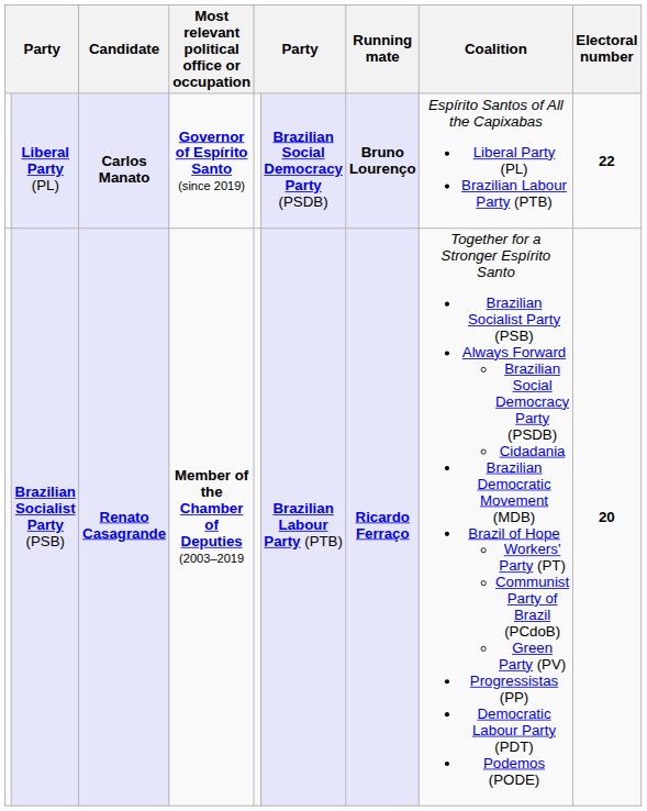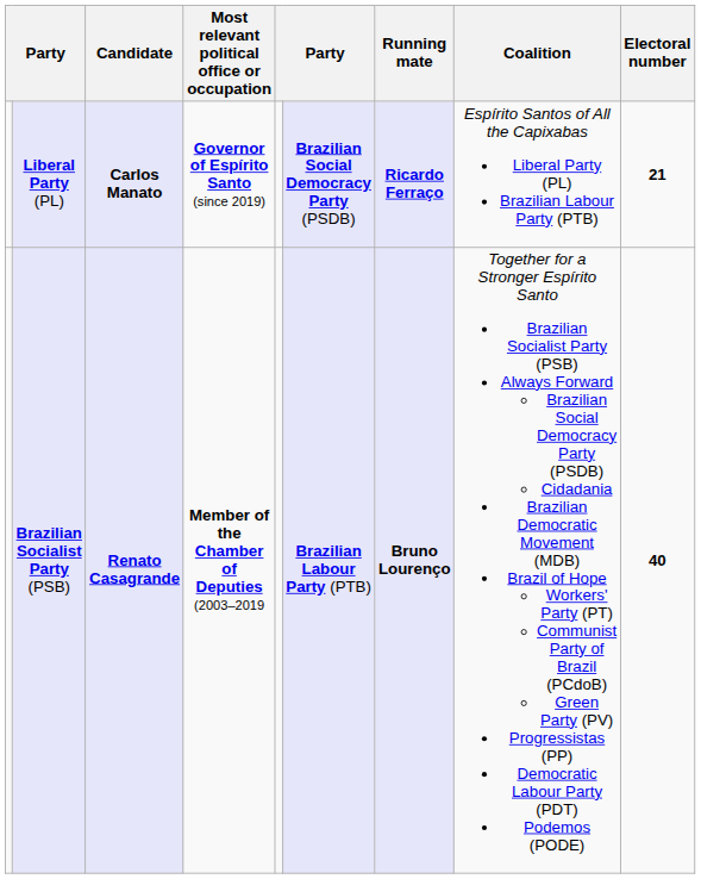 <table class="wikitable" style="text-align:center">
 <tr>
 <th colspan="2">Party</th>
 <th>Candidate</th>
 <th style="max-width:10em">Most relevant political office or occupation</th>
 <th colspan="2">Party</th>
 <th>Running mate</th>
 <th>Coalition</th>
 <th>Electoral number</th>
 </tr>
 <tr>
 <td style="background:"></td>
 <td style="background:lavender;" max-width:150px><br><strong><a href='#'>Liberal Party</a></strong> (PL)</td>
 <td style="background:lavender;" max-width:150px><br><strong>Carlos Manato</strong></td>
 <td style="max-width:10em"><strong><a href='#'>Governor of Espírito Santo</a></strong><br><small>(since 2019)</small></td>
 <td style="background:"></td>
 <td style="background:lavender;" max-width:150px><br><strong><a href='#'>Brazilian Social Democracy Party</a></strong> (PSDB)</td>
-<td style="background:lavender;" max-width:150px><strong>Bruno Lourenço</strong></td>
+<td style="background:lavender;" max-width:150px><br><strong><a href='#'>Ricardo Ferraço</a></strong></td>
 <td><em>Espírito Santos of All the Capixabas</em><br><ul><li><a href='#'>Liberal Party</a> (PL)</li><li><a href='#'>Brazilian Labour Party</a> (PTB)</li></ul></td>
-<td><strong>22</strong></td>
+<td><strong>21</strong></td>
 </tr>
 <tr>
 <td style="background:"></td>
 <td style="background:lavender;" max-width:150px><strong><a href='#'>Brazilian Socialist Party</a></strong> (PSB)</td>
 <td style="background:lavender;" max-width:150px><br><strong><a href='#'>Renato Casagrande</a></strong></td>
 <td style="max-width:10em"><strong>Member of the <a href='#'>Chamber of Deputies</a></strong><br><small>(2003–2019</small></td>
 <td style="background:"></td>
 <td style="background:lavender;" max-width:150px><br><strong><a href='#'>Brazilian Labour Party</a></strong> (PTB)</td>
-<td style="background:lavender;" max-width:150px><br><strong><a href='#'>Ricardo Ferraço</a></strong></td>
+<td style="background:lavender;" max-width:150px><strong>Bruno Lourenço</strong></td>
 <td><em>Together for a Stronger Espírito Santo</em><br><ul><li><a href='#'>Brazilian Socialist Party</a> (PSB)</li><li><a href='#'>Always Forward</a><ul><li><a href='#'>Brazilian Social Democracy Party</a> (PSDB)</li><li><a href='#'>Cidadania</a></li></ul></li><li><a href='#'>Brazilian Democratic Movement</a> (MDB)</li><li><a href='#'>Brazil of Hope</a><ul><li><a href='#'>Workers' Party</a> (PT)</li><li><a href='#'>Communist Party of Brazil</a> (PCdoB)</li><li><a href='#'>Green Party</a> (PV)</li></ul></li><li><a href='#'>Progressistas</a> (PP)</li><li><a href='#'>Democratic Labour Party</a> (PDT)</li><li><a href='#'>Podemos</a> (PODE)</li></ul></td>
-<td><strong>20</strong></td>
+<td><strong>40</strong></td>
 </tr>
 </table>
